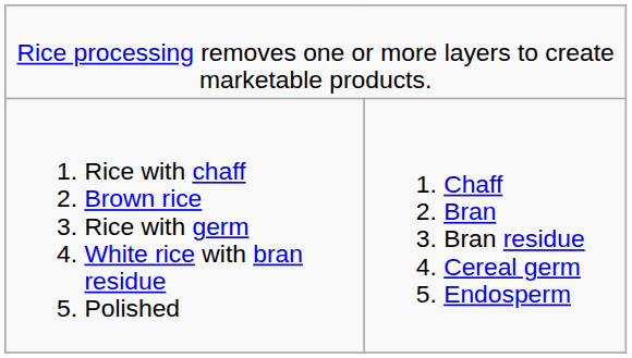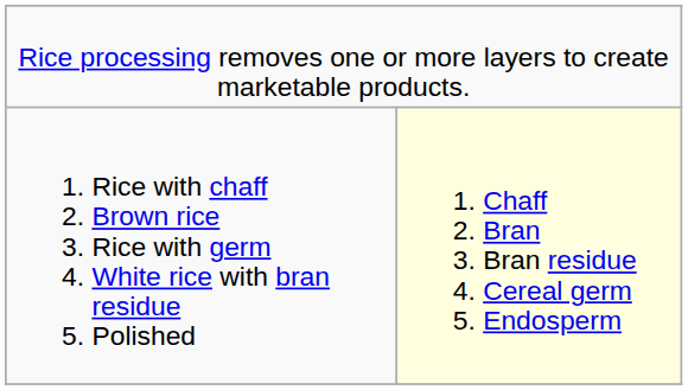 <table class="wikitable floatright" style="font-size:85%;text-align:left;width:25em;">
 <tr style="text-align:center;">
 <td colspan=2><br><a href='#'>Rice processing</a> removes one or more layers to create marketable products.</td>
 </tr>
 <tr>
 <td><ol><br><li>Rice with <a href='#'>chaff</a></li> <li><a href='#'>Brown rice</a></li> <li>Rice with <a href='#'>germ</a></li> <li><a href='#'>White rice</a> with <a href='#'>bran</a> <a href='#'>residue</a></li> <li>Polished</li> </ol></td>
-<td><ol><br><li><a href='#'>Chaff</a></li> <li><a href='#'>Bran</a></li> <li>Bran <a href='#'>residue</a></li> <li><a href='#'>Cereal germ</a></li> <li><a href='#'>Endosperm</a></li> </ol></td>
+<td style="background: lightyellow;"><ol><br><li><a href='#'>Chaff</a></li> <li><a href='#'>Bran</a></li> <li>Bran <a href='#'>residue</a></li> <li><a href='#'>Cereal germ</a></li> <li><a href='#'>Endosperm</a></li> </ol></td>
 </tr>
 </table>
